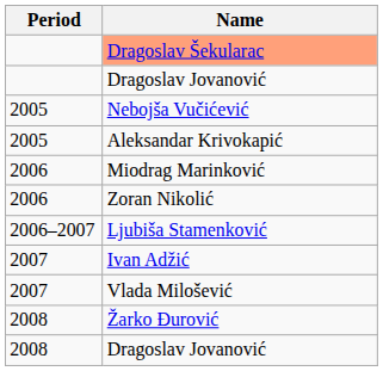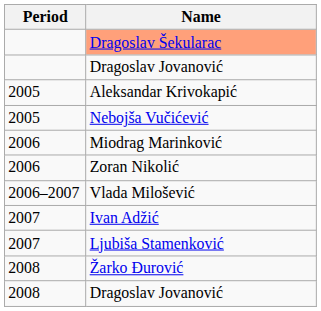 <table class="wikitable">
 <tr>
 <th width="75">Period</th>
 <th width="225">Name</th>
 </tr>
 <tr>
 <td></td>
 <td style="background: lightsalmon;"> <a href='#'>Dragoslav Šekularac</a></td>
 </tr>
 <tr>
 <td></td>
 <td> Dragoslav Jovanović</td>
 </tr>
 <tr>
 <td>2005</td>
-<td> <a href='#'>Nebojša Vučićević</a></td>
+<td> Aleksandar Krivokapić</td>
 </tr>
 <tr>
 <td>2005</td>
-<td> Aleksandar Krivokapić</td>
+<td> <a href='#'>Nebojša Vučićević</a></td>
 </tr>
 <tr>
 <td>2006</td>
 <td> Miodrag Marinković</td>
 </tr>
 <tr>
 <td>2006</td>
 <td> Zoran Nikolić</td>
 </tr>
 <tr>
 <td>2006–2007</td>
-<td> <a href='#'>Ljubiša Stamenković</a></td>
+<td> Vlada Milošević</td>
 </tr>
 <tr>
 <td>2007</td>
 <td> <a href='#'>Ivan Adžić</a></td>
 </tr>
 <tr>
 <td>2007</td>
-<td> Vlada Milošević</td>
+<td> <a href='#'>Ljubiša Stamenković</a></td>
 </tr>
 <tr>
 <td>2008</td>
 <td> <a href='#'>Žarko Đurović</a></td>
 </tr>
 <tr>
 <td>2008</td>
 <td> Dragoslav Jovanović</td>
 </tr>
 </table>
